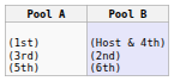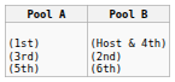 <table class="wikitable">
 <tr>
 <th width=50%>Pool A</th>
 <th width=50%>Pool B</th>
 </tr>
 <tr>
 <td><br> (1st)<br>  (3rd)<br>  (5th)<br> </td>
-<td style="background: lavender;"><br> (Host & 4th)<br>  (2nd)<br>  (6th)<br> </td>
+<td><br> (Host & 4th)<br>  (2nd)<br>  (6th)<br> </td>
 </tr>
 </table>
